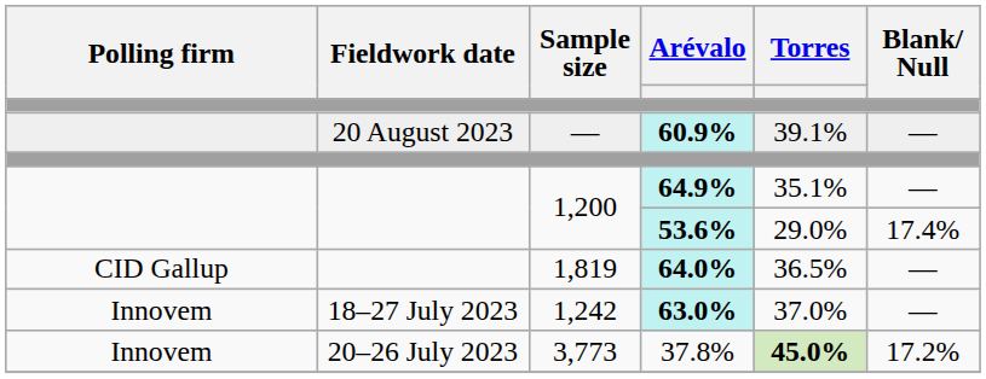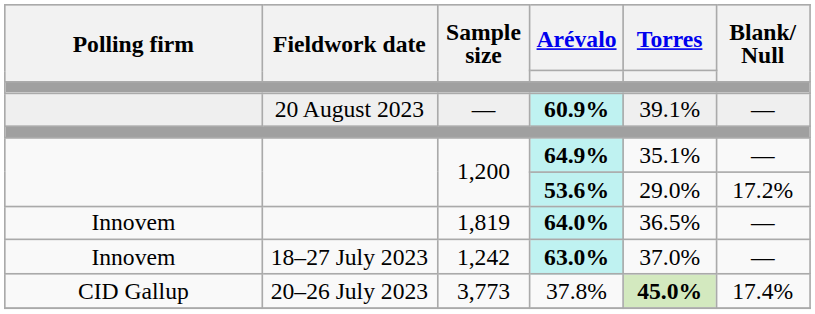 <table class="wikitable" style="text-align:center;font-size:90%;line-height:14px;">
 <tr style="height:40px;">
 <th style="width:150px;" rowspan="2">Polling firm</th>
 <th style="width:100px;" rowspan="2">Fieldwork date</th>
 <th style="width:50px;" rowspan="2">Sample size</th>
 <th class="unsortable" style="width:50px;"><a href='#'>Arévalo</a><br></th>
 <th class="unsortable" style="width:50px;"><a href='#'>Torres</a><br></th>
 <th style="width:50px;" rowspan="2">Blank/ Null</th>
 </tr>
 <tr>
 <th style="background:"></th>
 <th style="background:"></th>
 </tr>
 <tr>
 <td colspan="18" style="background:#A0A0A0"></td>
 </tr>
 <tr style="background:#EFEFEF;">
 <td style="background:#EFEFEF;"></td>
 <td style="background:#EFEFEF;">20 August 2023</td>
 <td>—</td>
 <td style="background:#bff2f1;"><strong>60.9%</strong></td>
 <td>39.1%</td>
 <td>—</td>
 </tr>
 <tr>
 <td colspan="18" style="background:#A0A0A0"></td>
 </tr>
 <tr>
 <td rowspan="2"></td>
 <td rowspan="2"></td>
 <td rowspan="2'">1,200</td>
 <td style="background:#bff2f1;"><strong>64.9%</strong></td>
 <td>35.1%</td>
 <td>—</td>
 </tr>
 <tr>
 <td style="background:#bff2f1;"><strong>53.6%</strong></td>
 <td>29.0%</td>
-<td>17.4%</td>
+<td>17.2%</td>
 </tr>
 <tr>
-<td>CID Gallup</td>
+<td>Innovem</td>
 <td></td>
 <td>1,819</td>
 <td style="background:#bff2f1;"><strong>64.0%</strong></td>
 <td>36.5%</td>
 <td>—</td>
 </tr>
 <tr>
 <td>Innovem</td>
 <td>18–27 July 2023</td>
 <td>1,242</td>
 <td style="background:#bff2f1;"><strong>63.0%</strong></td>
 <td>37.0%</td>
 <td>—</td>
 </tr>
 <tr>
-<td>Innovem</td>
+<td>CID Gallup</td>
 <td>20–26 July 2023</td>
 <td>3,773</td>
 <td>37.8%</td>
 <td style="background:#d3e9bf;"><strong>45.0%</strong></td>
-<td>17.2%</td>
+<td>17.4%</td>
 </tr>
 <tr>
 </tr>
 </table>
